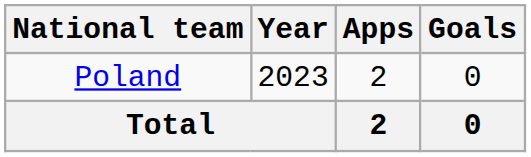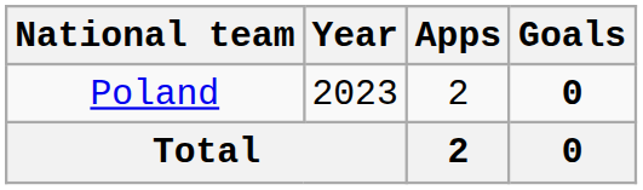 <table class="wikitable" style="text-align:center">
 <tr>
 <th>National team</th>
 <th>Year</th>
 <th>Apps</th>
 <th>Goals</th>
 </tr>
 <tr>
 <td rowspan="1"><a href='#'>Poland</a></td>
 <td>2023</td>
 <td>2</td>
-<td>0</td>
+<td><strong>0</strong></td>
 </tr>
 <tr>
 <th colspan="2">Total</th>
 <th>2</th>
 <th>0</th>
 </tr>
 </table>
